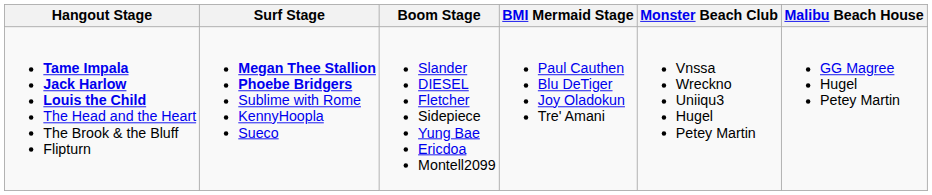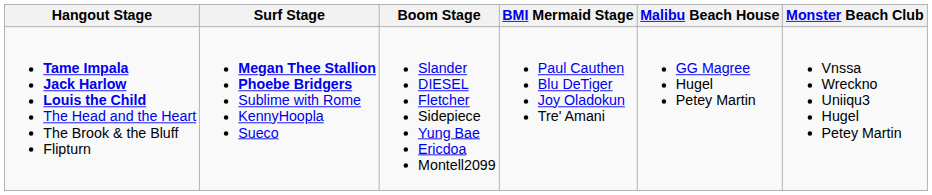 <table class="wikitable">
 <tr>
 <th>Hangout Stage</th>
 <th>Surf Stage</th>
 <th>Boom Stage</th>
 <th><a href='#'>BMI</a> Mermaid Stage</th>
+<th><a href='#'>Malibu</a> Beach House</th>
 <th><a href='#'>Monster</a> Beach Club</th>
-<th><a href='#'>Malibu</a> Beach House</th>
 </tr>
 <tr valign="top">
 <td><br><ul><li><strong><a href='#'>Tame Impala</a></strong></li><li><strong><a href='#'>Jack Harlow</a></strong></li><li><strong><a href='#'>Louis the Child</a></strong></li><li><a href='#'>The Head and the Heart</a></li><li>The Brook & the Bluff</li><li>Flipturn</li></ul></td>
 <td><br><ul><li><strong><a href='#'>Megan Thee Stallion</a></strong></li><li><strong><a href='#'>Phoebe Bridgers</a></strong></li><li><a href='#'>Sublime with Rome</a></li><li><a href='#'>KennyHoopla</a></li><li><a href='#'>Sueco</a></li></ul></td>
 <td><br><ul><li><a href='#'>Slander</a></li><li><a href='#'>DIESEL</a></li><li><a href='#'>Fletcher</a></li><li>Sidepiece</li><li><a href='#'>Yung Bae</a></li><li><a href='#'>Ericdoa</a></li><li>Montell2099</li></ul></td>
 <td><br><ul><li><a href='#'>Paul Cauthen</a></li><li><a href='#'>Blu DeTiger</a></li><li><a href='#'>Joy Oladokun</a></li><li>Tre' Amani</li></ul></td>
+<td><br><ul><li><a href='#'>GG Magree</a></li><li>Hugel</li><li>Petey Martin</li></ul></td>
 <td><br><ul><li>Vnssa</li><li>Wreckno</li><li>Uniiqu3</li><li>Hugel</li><li>Petey Martin</li></ul></td>
-<td><br><ul><li><a href='#'>GG Magree</a></li><li>Hugel</li><li>Petey Martin</li></ul></td>
 </tr>
 </table>
